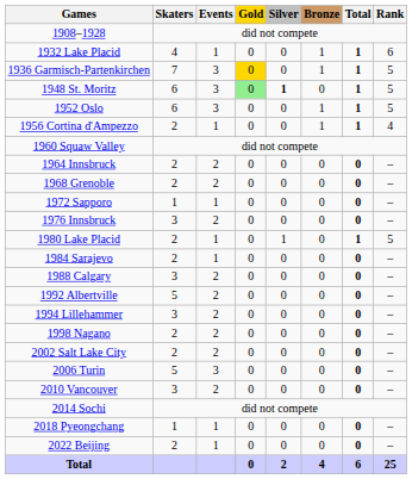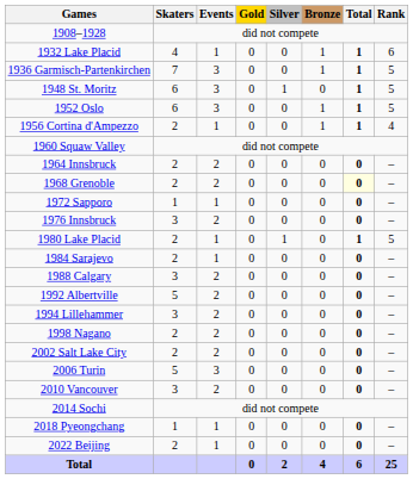 <table class="wikitable sortable collapsible collapsed">
 <tr>
 <th>Games</th>
 <th>Skaters</th>
 <th>Events</th>
 <th style="text-align:center; background-color:gold;">Gold</th>
 <th style="text-align:center; background-color:silver;">Silver</th>
 <th style="text-align:center; background-color:#c96;">Bronze</th>
 <th>Total</th>
 <th>Rank</th>
 </tr>
 <tr align=center>
 <td><a href='#'>1908</a>–<a href='#'>1928</a></td>
 <td colspan=7>did not compete</td>
 </tr>
 <tr align=center>
 <td><a href='#'>1932 Lake Placid</a></td>
 <td>4</td>
 <td>1</td>
 <td>0</td>
 <td>0</td>
 <td>1</td>
 <td><strong>1</strong></td>
 <td>6</td>
 </tr>
 <tr align=center>
 <td><a href='#'>1936 Garmisch-Partenkirchen</a></td>
 <td>7</td>
 <td>3</td>
-<td style="background: gold;">0</td>
+<td>0</td>
 <td>0</td>
 <td>1</td>
 <td><strong>1</strong></td>
 <td>5</td>
 </tr>
 <tr align=center>
 <td><a href='#'>1948 St. Moritz</a></td>
 <td>6</td>
 <td>3</td>
-<td style="background: lightgreen;">0</td>
-<td><strong>1</strong></td>
+<td>0</td>
+<td>1</td>
 <td>0</td>
 <td><strong>1</strong></td>
 <td>5</td>
 </tr>
 <tr align=center>
 <td><a href='#'>1952 Oslo</a></td>
 <td>6</td>
 <td>3</td>
 <td>0</td>
 <td>0</td>
 <td>1</td>
 <td><strong>1</strong></td>
 <td>5</td>
 </tr>
 <tr align=center>
 <td><a href='#'>1956 Cortina d'Ampezzo</a></td>
 <td>2</td>
 <td>1</td>
 <td>0</td>
 <td>0</td>
 <td>1</td>
 <td><strong>1</strong></td>
 <td>4</td>
 </tr>
 <tr align=center>
 <td><a href='#'>1960 Squaw Valley</a></td>
 <td colspan=7>did not compete</td>
 </tr>
 <tr align=center>
 <td><a href='#'>1964 Innsbruck</a></td>
 <td>2</td>
 <td>2</td>
 <td>0</td>
 <td>0</td>
 <td>0</td>
 <td><strong>0</strong></td>
 <td>–</td>
 </tr>
 <tr align=center>
 <td><a href='#'>1968 Grenoble</a></td>
 <td>2</td>
 <td>2</td>
 <td>0</td>
 <td>0</td>
 <td>0</td>
-<td><strong>0</strong></td>
+<td style="background: lightyellow;"><strong>0</strong></td>
 <td>–</td>
 </tr>
 <tr align=center>
 <td><a href='#'>1972 Sapporo</a></td>
 <td>1</td>
 <td>1</td>
 <td>0</td>
 <td>0</td>
 <td>0</td>
 <td><strong>0</strong></td>
 <td>–</td>
 </tr>
 <tr align=center>
 <td><a href='#'>1976 Innsbruck</a></td>
 <td>3</td>
 <td>2</td>
 <td>0</td>
 <td>0</td>
 <td>0</td>
 <td><strong>0</strong></td>
 <td>–</td>
 </tr>
 <tr align=center>
 <td><a href='#'>1980 Lake Placid</a></td>
 <td>2</td>
 <td>1</td>
 <td>0</td>
 <td>1</td>
 <td>0</td>
 <td><strong>1</strong></td>
 <td>5</td>
 </tr>
 <tr align=center>
 <td><a href='#'>1984 Sarajevo</a></td>
 <td>2</td>
 <td>1</td>
 <td>0</td>
 <td>0</td>
 <td>0</td>
 <td><strong>0</strong></td>
 <td>–</td>
 </tr>
 <tr align=center>
 <td><a href='#'>1988 Calgary</a></td>
 <td>3</td>
 <td>2</td>
 <td>0</td>
 <td>0</td>
 <td>0</td>
 <td><strong>0</strong></td>
 <td>–</td>
 </tr>
 <tr align=center>
 <td><a href='#'>1992 Albertville</a></td>
 <td>5</td>
 <td>2</td>
 <td>0</td>
 <td>0</td>
 <td>0</td>
 <td><strong>0</strong></td>
 <td>–</td>
 </tr>
 <tr align=center>
 <td><a href='#'>1994 Lillehammer</a></td>
 <td>3</td>
 <td>2</td>
 <td>0</td>
 <td>0</td>
 <td>0</td>
 <td><strong>0</strong></td>
 <td>–</td>
 </tr>
 <tr align=center>
 <td><a href='#'>1998 Nagano</a></td>
 <td>2</td>
 <td>2</td>
 <td>0</td>
 <td>0</td>
 <td>0</td>
 <td><strong>0</strong></td>
 <td>–</td>
 </tr>
 <tr align=center>
 <td><a href='#'>2002 Salt Lake City</a></td>
 <td>2</td>
 <td>2</td>
 <td>0</td>
 <td>0</td>
 <td>0</td>
 <td><strong>0</strong></td>
 <td>–</td>
 </tr>
 <tr align=center>
 <td><a href='#'>2006 Turin</a></td>
 <td>5</td>
 <td>3</td>
 <td>0</td>
 <td>0</td>
 <td>0</td>
 <td><strong>0</strong></td>
 <td>–</td>
 </tr>
 <tr align=center>
 <td><a href='#'>2010 Vancouver</a></td>
 <td>3</td>
 <td>2</td>
 <td>0</td>
 <td>0</td>
 <td>0</td>
 <td><strong>0</strong></td>
 <td>–</td>
 </tr>
 <tr align=center>
 <td><a href='#'>2014 Sochi</a></td>
 <td colspan=7>did not compete</td>
 </tr>
 <tr align=center>
 <td><a href='#'>2018 Pyeongchang</a></td>
 <td>1</td>
 <td>1</td>
 <td>0</td>
 <td>0</td>
 <td>0</td>
 <td><strong>0</strong></td>
 <td>–</td>
 </tr>
 <tr align=center>
 <td><a href='#'>2022 Beijing</a></td>
 <td>2</td>
 <td>1</td>
 <td>0</td>
 <td>0</td>
 <td>0</td>
 <td><strong>0</strong></td>
 <td>–</td>
 </tr>
 <tr style="text-align:center; background-color:#ccf;">
 <td><strong>Total</strong></td>
 <td></td>
 <td></td>
 <td><strong>0</strong></td>
 <td><strong>2</strong></td>
 <td><strong>4</strong></td>
 <td><strong>6</strong></td>
 <td><strong>25</strong></td>
 </tr>
 </table>
